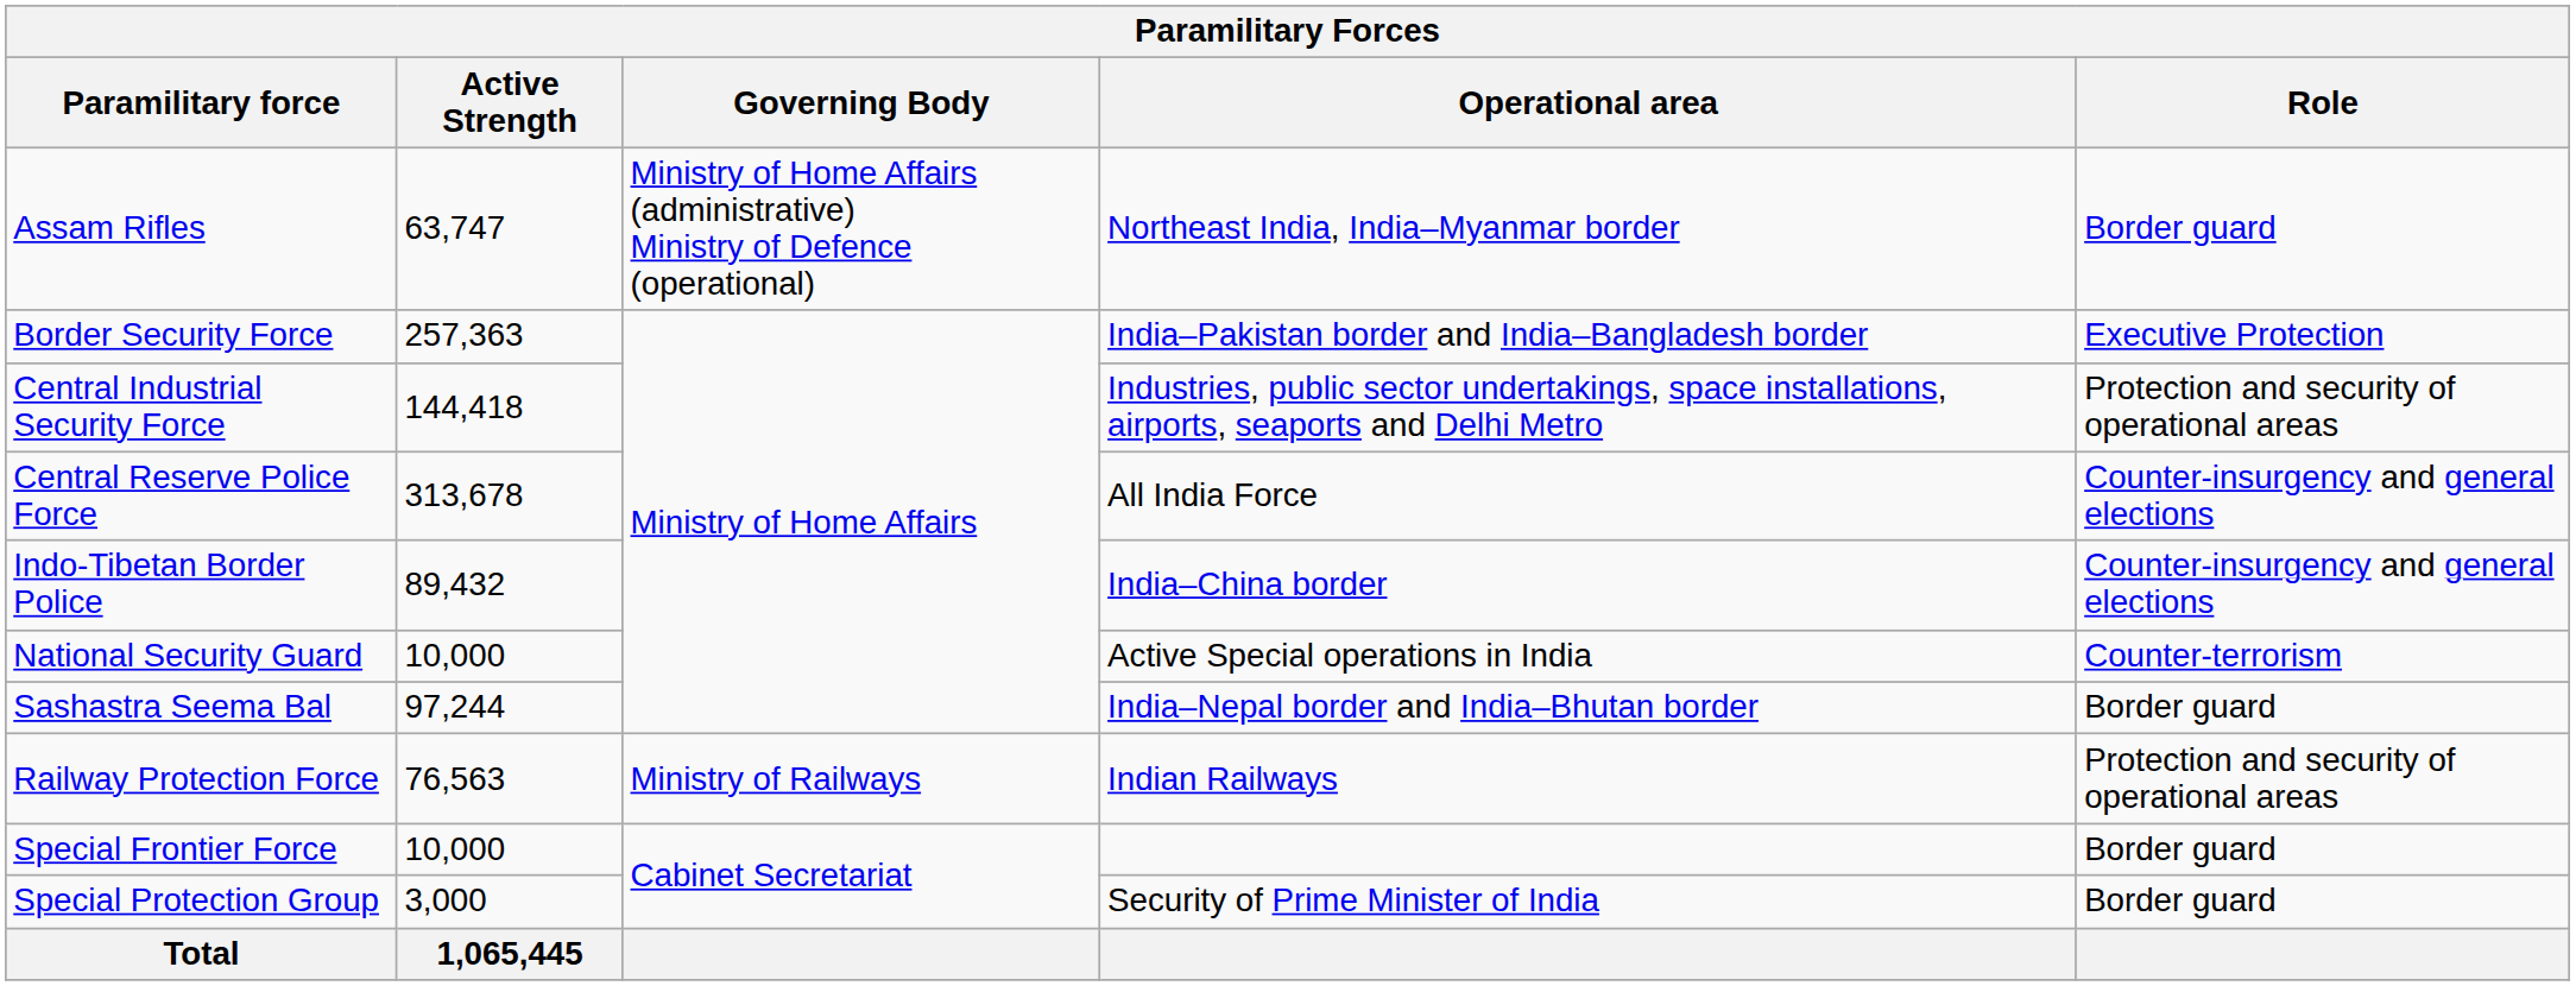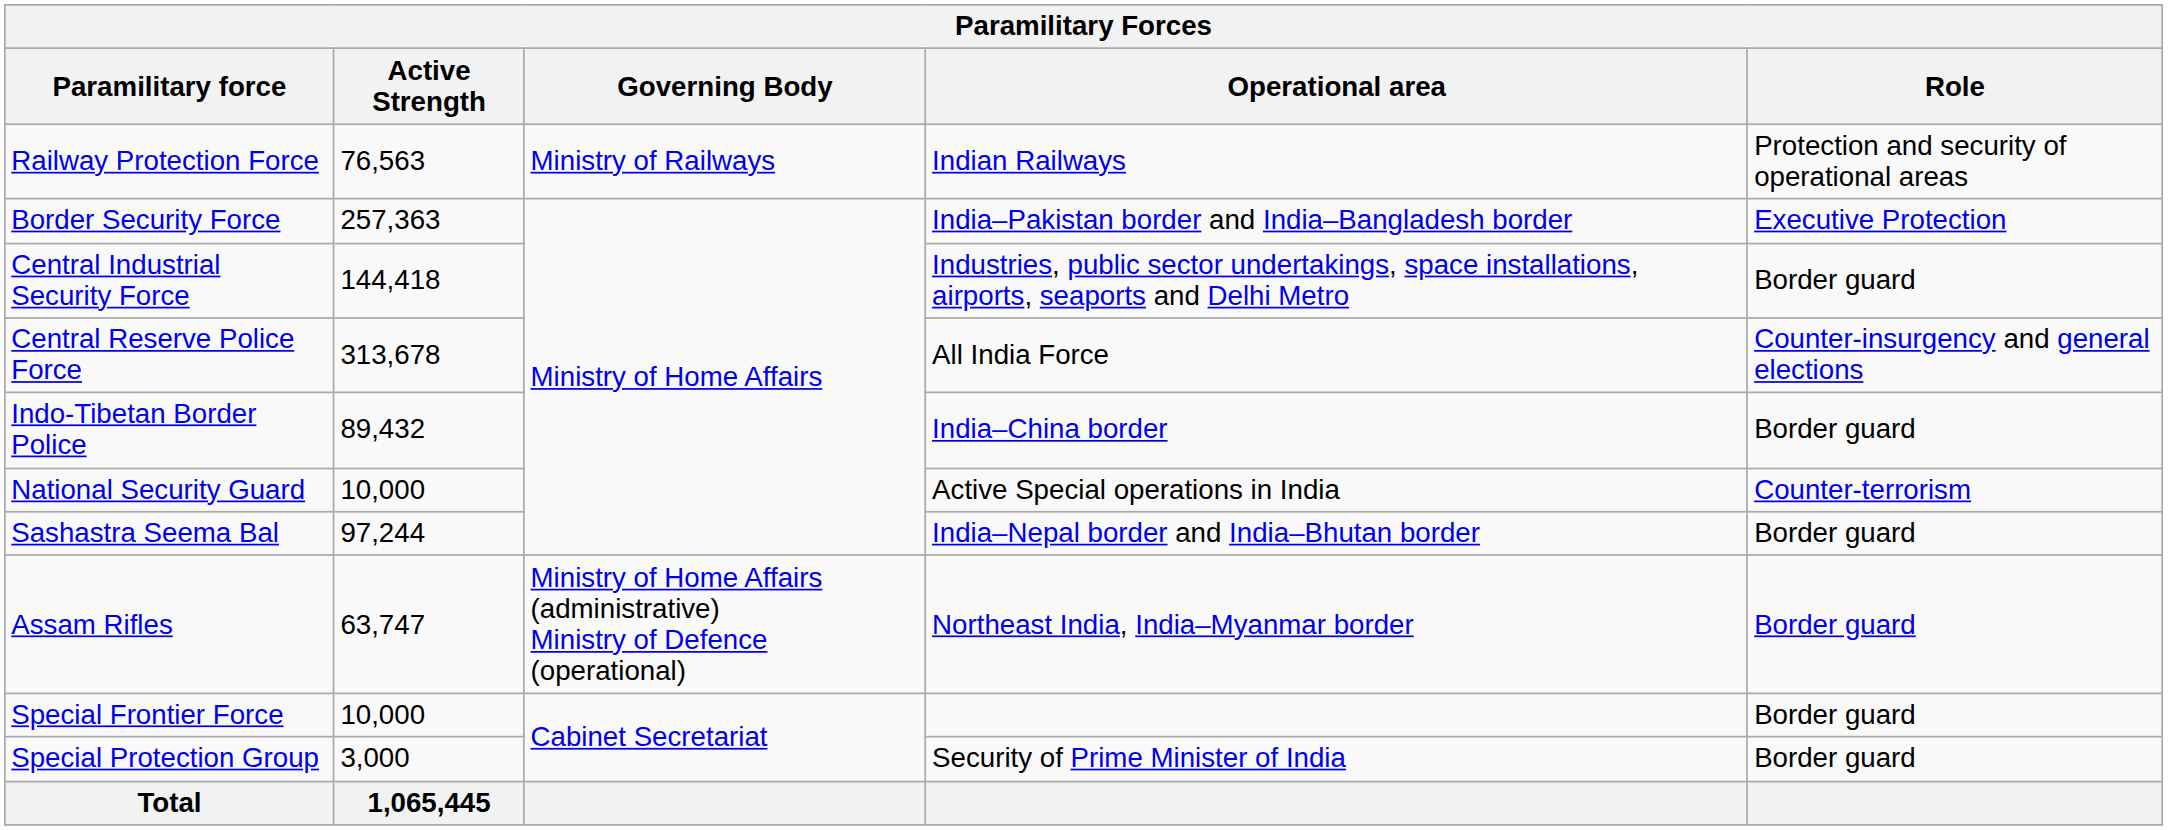 <table class="wikitable">
 <tr>
 <th style="align: center" colspan="5">Paramilitary Forces</th>
 </tr>
 <tr>
 <th>Paramilitary force</th>
 <th>Active Strength</th>
 <th>Governing Body</th>
 <th>Operational area</th>
 <th>Role</th>
 </tr>
 <tr>
-<td> <a href='#'>Assam Rifles</a></td>
-<td>63,747</td>
-<td><a href='#'>Ministry of Home Affairs</a> (administrative)<br><a href='#'>Ministry of Defence</a> (operational)</td>
-<td><a href='#'>Northeast India</a>, <a href='#'>India–Myanmar border</a></td>
-<td><a href='#'>Border guard</a></td>
+<td> <a href='#'>Railway Protection Force</a></td>
+<td>76,563</td>
+<td><a href='#'>Ministry of Railways</a></td>
+<td><a href='#'>Indian Railways</a></td>
+<td>Protection and security of operational areas</td>
 </tr>
 <tr>
 <td> <a href='#'>Border Security Force</a></td>
 <td>257,363</td>
 <td rowspan="6"><a href='#'>Ministry of Home Affairs</a></td>
 <td><a href='#'>India–Pakistan border</a> and <a href='#'>India–Bangladesh border</a></td>
 <td><a href='#'>Executive Protection</a></td>
 </tr>
 <tr>
 <td> <a href='#'>Central Industrial Security Force</a></td>
 <td>144,418</td>
 <td><a href='#'>Industries</a>, <a href='#'>public sector undertakings</a>, <a href='#'>space installations</a>, <a href='#'>airports</a>, <a href='#'>seaports</a> and <a href='#'>Delhi Metro</a></td>
-<td>Protection and security of operational areas</td>
+<td>Border guard</td>
 </tr>
 <tr>
 <td> <a href='#'>Central Reserve Police Force</a></td>
 <td>313,678</td>
 <td>All India Force</td>
 <td><a href='#'>Counter-insurgency</a> and <a href='#'>general elections</a></td>
 </tr>
 <tr>
 <td> <a href='#'>Indo-Tibetan Border Police</a></td>
 <td>89,432</td>
 <td><a href='#'>India–China border</a></td>
-<td><a href='#'>Counter-insurgency</a> and <a href='#'>general elections</a></td>
+<td>Border guard</td>
 </tr>
 <tr>
 <td> <a href='#'>National Security Guard</a></td>
 <td>10,000</td>
 <td>Active Special operations in India</td>
 <td><a href='#'>Counter-terrorism</a></td>
 </tr>
 <tr>
 <td> <a href='#'>Sashastra Seema Bal</a></td>
 <td>97,244</td>
 <td><a href='#'>India–Nepal border</a> and <a href='#'>India–Bhutan border</a></td>
 <td>Border guard</td>
 </tr>
 <tr>
-<td> <a href='#'>Railway Protection Force</a></td>
-<td>76,563</td>
-<td><a href='#'>Ministry of Railways</a></td>
-<td><a href='#'>Indian Railways</a></td>
-<td>Protection and security of operational areas</td>
+<td> <a href='#'>Assam Rifles</a></td>
+<td>63,747</td>
+<td><a href='#'>Ministry of Home Affairs</a> (administrative)<br><a href='#'>Ministry of Defence</a> (operational)</td>
+<td><a href='#'>Northeast India</a>, <a href='#'>India–Myanmar border</a></td>
+<td><a href='#'>Border guard</a></td>
 </tr>
 <tr>
 <td> <a href='#'>Special Frontier Force</a></td>
 <td>10,000</td>
 <td rowspan="2"><a href='#'>Cabinet Secretariat</a></td>
 <td></td>
 <td>Border guard</td>
 </tr>
 <tr>
 <td> <a href='#'>Special Protection Group</a></td>
 <td>3,000</td>
 <td>Security of <a href='#'>Prime Minister of India</a></td>
 <td>Border guard</td>
 </tr>
 <tr>
 <th>Total</th>
 <th><strong>1,065,445</strong></th>
 <th></th>
 <th></th>
 <th></th>
 </tr>
 </table>
